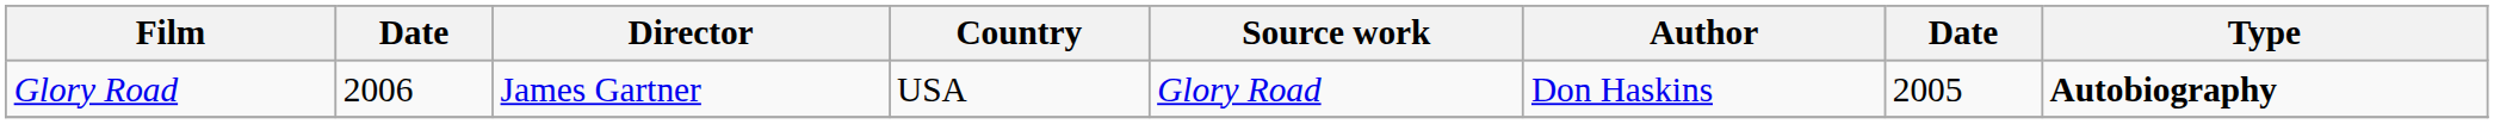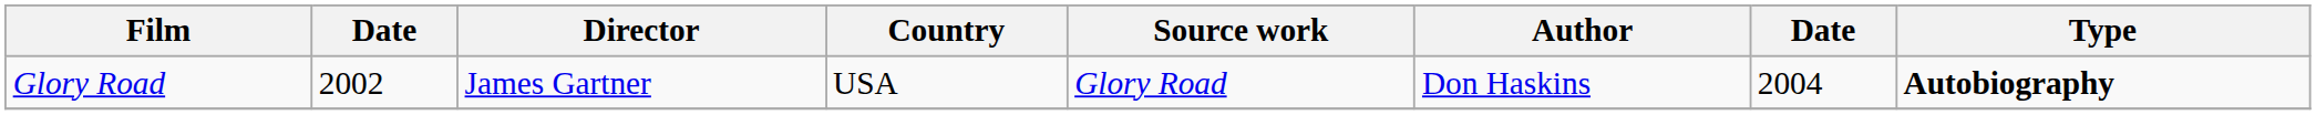 <table class="wikitable" style=width:90%>
 <tr style="background:#CCCCCC;">
 <th>Film</th>
 <th>Date</th>
 <th>Director</th>
 <th>Country</th>
 <th>Source work</th>
 <th>Author</th>
 <th>Date</th>
 <th>Type</th>
 </tr>
 <tr>
 <td><em><a href='#'>Glory Road</a></em></td>
-<td>2006</td>
+<td>2002</td>
 <td><a href='#'>James Gartner</a></td>
 <td>USA</td>
 <td><em><a href='#'>Glory Road</a></em></td>
 <td><a href='#'>Don Haskins</a></td>
-<td>2005</td>
+<td>2004</td>
 <td><strong>Autobiography</strong></td>
 </tr>
 <tr>
 </tr>
 </table>
